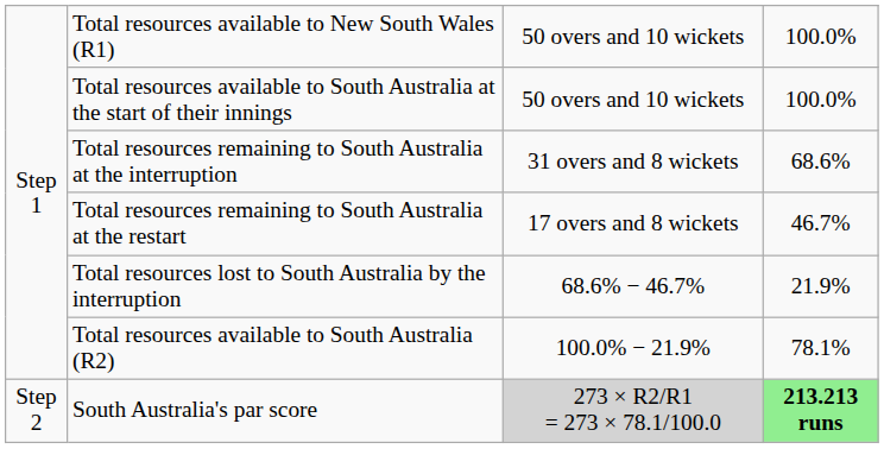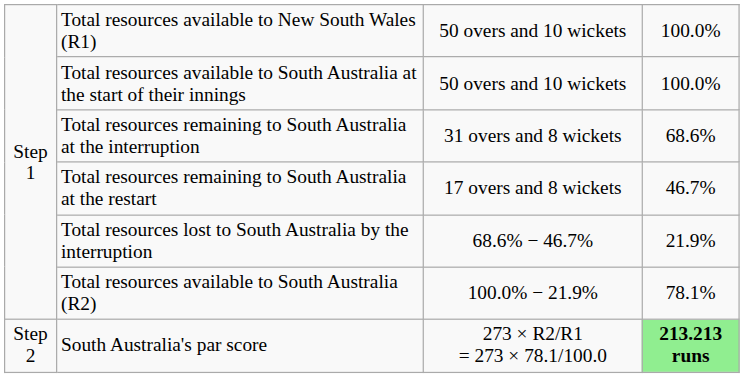 <table class="wikitable">
 <tr>
 <td rowspan="6" colspan="1" style="text-align: center;">Step 1</td>
 <td>Total resources available to New South Wales (R1)</td>
 <td align="center">50 overs and 10 wickets</td>
 <td align="center">100.0%</td>
 </tr>
 <tr>
 <td>Total resources available to South Australia at the start of their innings</td>
 <td align="center">50 overs and 10 wickets</td>
 <td align="center">100.0%</td>
 </tr>
 <tr>
 <td>Total resources remaining to South Australia at the interruption</td>
 <td align="center">31 overs and 8 wickets</td>
 <td align="center">68.6%</td>
 </tr>
 <tr>
 <td>Total resources remaining to South Australia at the restart</td>
 <td align="center">17 overs and 8 wickets</td>
 <td align="center">46.7%</td>
 </tr>
 <tr>
 <td>Total resources lost to South Australia by the interruption</td>
 <td align="center">68.6% − 46.7%</td>
 <td align="center">21.9%</td>
 </tr>
 <tr>
 <td>Total resources available to South Australia (R2)</td>
 <td align="center">100.0% − 21.9%</td>
 <td align="center">78.1%</td>
 </tr>
 <tr>
 <td rowspan="1" colspan="1" style="text-align: center;">Step 2</td>
 <td>South Australia's par score</td>
-<td align="center" style="background: lightgrey;">273 × R2/R1 = 273 × 78.1/100.0</td>
+<td align="center">273 × R2/R1 = 273 × 78.1/100.0</td>
 <td align="center" style="background: lightgreen;"><strong>213.213 runs</strong></td>
 </tr>
 </table>
